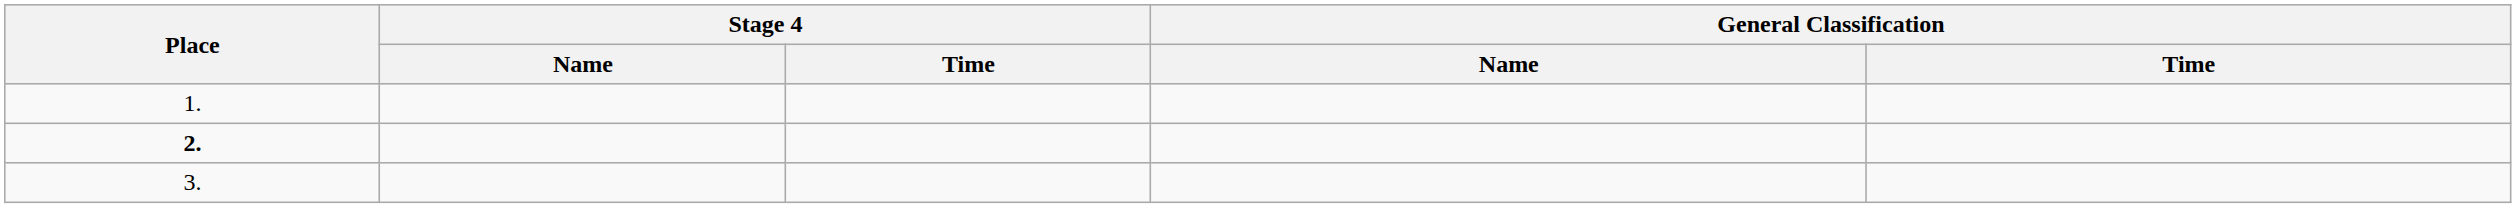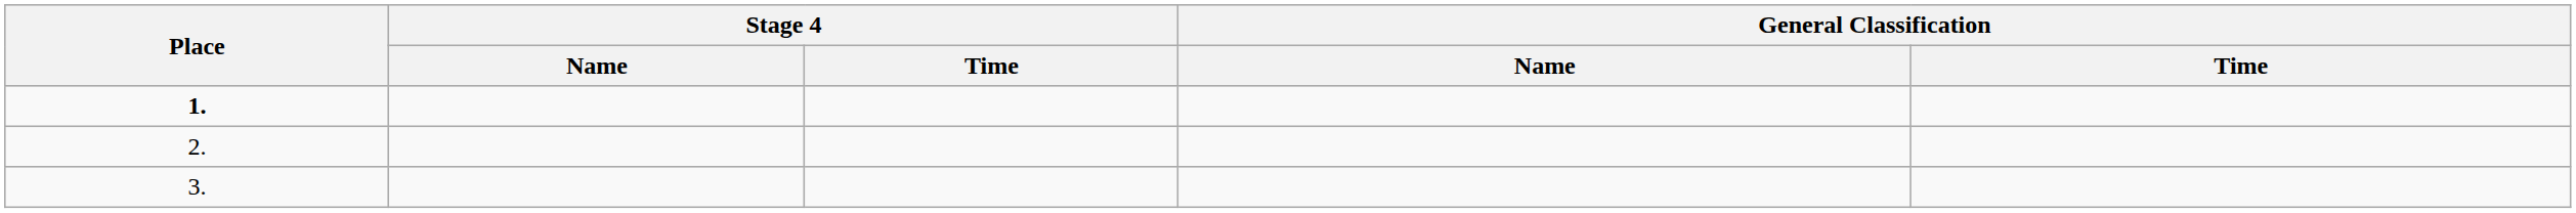 <table class=wikitable style="font-size:95%" width="80%">
 <tr>
 <th rowspan="2">Place</th>
 <th colspan="2">Stage 4</th>
 <th colspan="2">General Classification</th>
 </tr>
 <tr>
 <th>Name</th>
 <th>Time</th>
 <th>Name</th>
 <th>Time</th>
 </tr>
 <tr>
-<td align="center">1.</td>
+<td align="center"><strong>1.</strong></td>
 <td></td>
 <td></td>
 <td></td>
 <td></td>
 </tr>
 <tr>
-<td align="center"><strong>2.</strong></td>
+<td align="center">2.</td>
 <td></td>
 <td></td>
 <td></td>
 <td></td>
 </tr>
 <tr>
 <td align="center">3.</td>
 <td></td>
 <td></td>
 <td></td>
 <td></td>
 </tr>
 </table>
